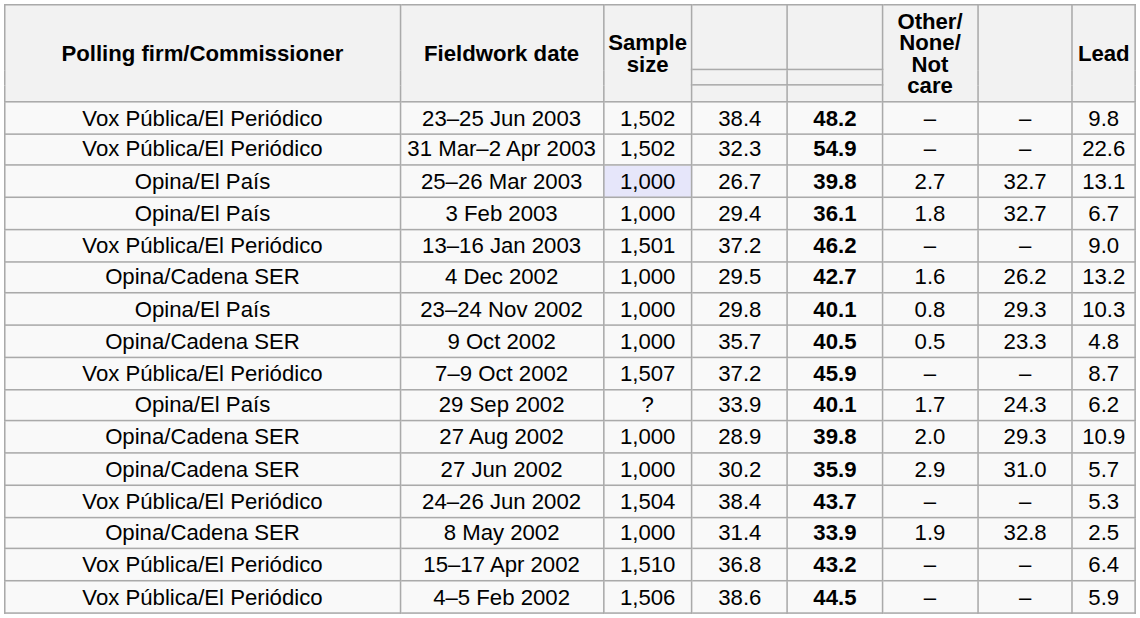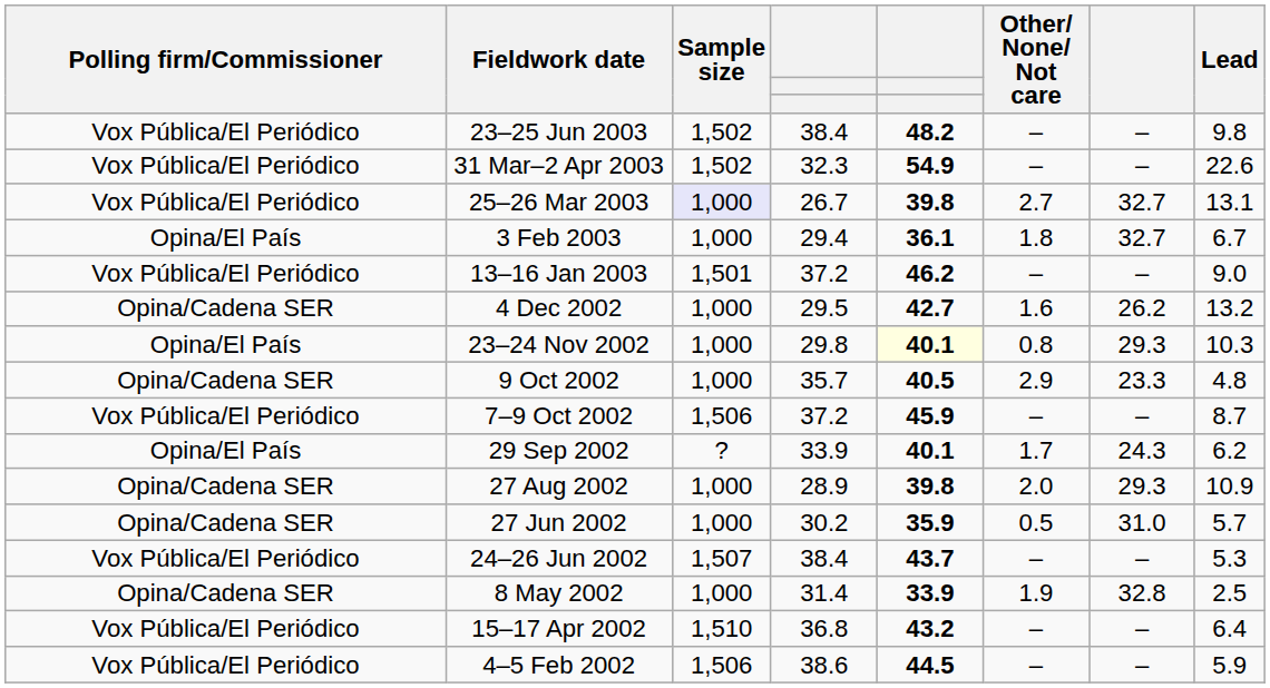 <table class="wikitable collapsible collapsed" style="text-align:center; font-size:90%; line-height:14px;">
 <tr style="height:42px;">
 <th style="width:250px;" rowspan="3">Polling firm/Commissioner</th>
 <th style="width:125px;" rowspan="3">Fieldwork date</th>
 <th style="width:50px;" rowspan="3">Sample size</th>
 <th style="width:55px;"></th>
 <th style="width:55px;"></th>
 <th style="width:55px;" rowspan="3">Other/<br>None/<br>Not<br>care</th>
 <th style="width:55px;" rowspan="3"></th>
 <th style="width:30px;" rowspan="3">Lead</th>
 </tr>
 <tr>
 <th style="color:inherit;background:"></th>
 <th style="color:inherit;background:"></th>
 </tr>
 <tr>
 <th></th>
 <th></th>
 </tr>
 <tr>
 <td>Vox Pública/El Periódico</td>
 <td>23–25 Jun 2003</td>
 <td>1,502</td>
 <td>38.4</td>
 <td><strong>48.2</strong></td>
 <td>–</td>
 <td>–</td>
 <td style="background:">9.8</td>
 </tr>
 <tr>
 <td>Vox Pública/El Periódico</td>
 <td>31 Mar–2 Apr 2003</td>
 <td>1,502</td>
 <td>32.3</td>
 <td><strong>54.9</strong></td>
 <td>–</td>
 <td>–</td>
 <td style="background:">22.6</td>
 </tr>
 <tr>
-<td>Opina/El País</td>
+<td>Vox Pública/El Periódico</td>
 <td>25–26 Mar 2003</td>
 <td style="background: lavender;">1,000</td>
 <td>26.7</td>
 <td><strong>39.8</strong></td>
 <td>2.7</td>
 <td>32.7</td>
 <td style="background:">13.1</td>
 </tr>
 <tr>
 <td>Opina/El País</td>
 <td>3 Feb 2003</td>
 <td>1,000</td>
 <td>29.4</td>
 <td><strong>36.1</strong></td>
 <td>1.8</td>
 <td>32.7</td>
 <td style="background:">6.7</td>
 </tr>
 <tr>
 <td>Vox Pública/El Periódico</td>
 <td>13–16 Jan 2003</td>
 <td>1,501</td>
 <td>37.2</td>
 <td><strong>46.2</strong></td>
 <td>–</td>
 <td>–</td>
 <td style="background:">9.0</td>
 </tr>
 <tr>
 <td>Opina/Cadena SER</td>
 <td>4 Dec 2002</td>
 <td>1,000</td>
 <td>29.5</td>
 <td><strong>42.7</strong></td>
 <td>1.6</td>
 <td>26.2</td>
 <td style="background:">13.2</td>
 </tr>
 <tr>
 <td>Opina/El País</td>
 <td>23–24 Nov 2002</td>
 <td>1,000</td>
 <td>29.8</td>
-<td><strong>40.1</strong></td>
+<td style="background: lightyellow;"><strong>40.1</strong></td>
 <td>0.8</td>
 <td>29.3</td>
 <td style="background:">10.3</td>
 </tr>
 <tr>
 <td>Opina/Cadena SER</td>
 <td>9 Oct 2002</td>
 <td>1,000</td>
 <td>35.7</td>
 <td><strong>40.5</strong></td>
-<td>0.5</td>
+<td>2.9</td>
 <td>23.3</td>
 <td style="background:">4.8</td>
 </tr>
 <tr>
 <td>Vox Pública/El Periódico</td>
 <td>7–9 Oct 2002</td>
-<td>1,507</td>
+<td>1,506</td>
 <td>37.2</td>
 <td><strong>45.9</strong></td>
 <td>–</td>
 <td>–</td>
 <td style="background:">8.7</td>
 </tr>
 <tr>
 <td>Opina/El País</td>
 <td>29 Sep 2002</td>
 <td>?</td>
 <td>33.9</td>
 <td><strong>40.1</strong></td>
 <td>1.7</td>
 <td>24.3</td>
 <td style="background:">6.2</td>
 </tr>
 <tr>
 <td>Opina/Cadena SER</td>
 <td>27 Aug 2002</td>
 <td>1,000</td>
 <td>28.9</td>
 <td><strong>39.8</strong></td>
 <td>2.0</td>
 <td>29.3</td>
 <td style="background:">10.9</td>
 </tr>
 <tr>
 <td>Opina/Cadena SER</td>
 <td>27 Jun 2002</td>
 <td>1,000</td>
 <td>30.2</td>
 <td><strong>35.9</strong></td>
-<td>2.9</td>
+<td>0.5</td>
 <td>31.0</td>
 <td style="background:">5.7</td>
 </tr>
 <tr>
 <td>Vox Pública/El Periódico</td>
 <td>24–26 Jun 2002</td>
-<td>1,504</td>
+<td>1,507</td>
 <td>38.4</td>
 <td><strong>43.7</strong></td>
 <td>–</td>
 <td>–</td>
 <td style="background:">5.3</td>
 </tr>
 <tr>
 <td>Opina/Cadena SER</td>
 <td>8 May 2002</td>
 <td>1,000</td>
 <td>31.4</td>
 <td><strong>33.9</strong></td>
 <td>1.9</td>
 <td>32.8</td>
 <td style="background:">2.5</td>
 </tr>
 <tr>
 <td>Vox Pública/El Periódico</td>
 <td>15–17 Apr 2002</td>
 <td>1,510</td>
 <td>36.8</td>
 <td><strong>43.2</strong></td>
 <td>–</td>
 <td>–</td>
 <td style="background:">6.4</td>
 </tr>
 <tr>
 <td>Vox Pública/El Periódico</td>
 <td>4–5 Feb 2002</td>
 <td>1,506</td>
 <td>38.6</td>
 <td><strong>44.5</strong></td>
 <td>–</td>
 <td>–</td>
 <td style="background:">5.9</td>
 </tr>
 </table>
